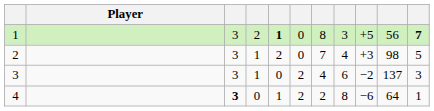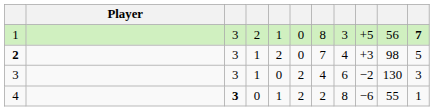 <table class="wikitable" style="text-align:center; margin: 1em auto 1em auto, align:left">
 <tr>
 <th width=20></th>
 <th width=240>Player</th>
 <th width=20></th>
 <th width=20></th>
 <th width=20></th>
 <th width=20></th>
 <th width=20></th>
 <th width=20></th>
 <th width=20></th>
 <th width=30></th>
 <th width=20></th>
 </tr>
 <tr style="background:#D0F0C0;">
 <td>1</td>
 <td align=left></td>
 <td>3</td>
 <td>2</td>
-<td><strong>1</strong></td>
+<td>1</td>
 <td>0</td>
 <td>8</td>
 <td>3</td>
 <td>+5</td>
 <td>56</td>
 <td><strong>7</strong></td>
 </tr>
 <tr style=>
-<td>2</td>
+<td><strong>2</strong></td>
 <td align=left></td>
 <td>3</td>
 <td>1</td>
 <td>2</td>
 <td>0</td>
 <td>7</td>
 <td>4</td>
 <td>+3</td>
 <td>98</td>
 <td>5</td>
 </tr>
 <tr style=>
 <td>3</td>
 <td align=left></td>
 <td>3</td>
 <td>1</td>
 <td>0</td>
 <td>2</td>
 <td>4</td>
 <td>6</td>
 <td>−2</td>
-<td>137</td>
+<td>130</td>
 <td>3</td>
 </tr>
 <tr style=>
 <td>4</td>
 <td align=left></td>
 <td><strong>3</strong></td>
 <td>0</td>
 <td>1</td>
 <td>2</td>
 <td>2</td>
 <td>8</td>
 <td>−6</td>
-<td>64</td>
+<td>55</td>
 <td>1</td>
 </tr>
 </table>
